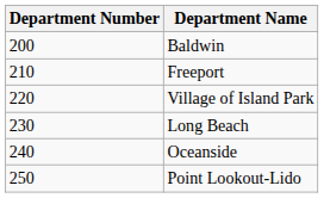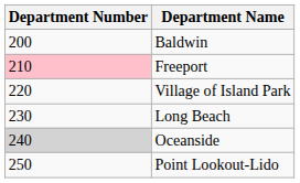 <table class="wikitable mw-collapsible">
 <tr valign="bottom">
 <th>Department Number</th>
 <th>Department Name</th>
 </tr>
 <tr>
 <td>200</td>
 <td>Baldwin</td>
 </tr>
 <tr>
-<td>210</td>
+<td style="background: pink;">210</td>
 <td>Freeport</td>
 </tr>
 <tr>
 <td>220</td>
 <td>Village of Island Park</td>
 </tr>
 <tr>
 <td>230</td>
 <td>Long Beach</td>
 </tr>
 <tr>
-<td>240</td>
+<td style="background: lightgrey;">240</td>
 <td>Oceanside</td>
 </tr>
 <tr>
 <td>250</td>
 <td>Point Lookout-Lido</td>
 </tr>
 </table>
